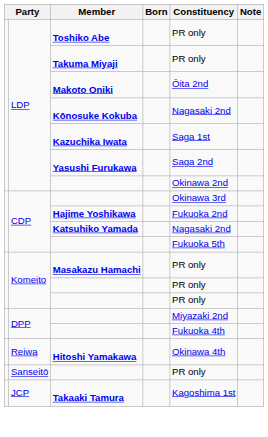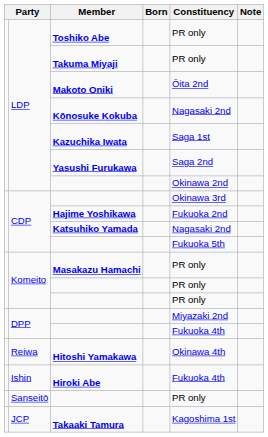 <table class="wikitable">
 <tr style="vertical-align:bottom">
 <th colspan=2>Party</th>
 <th>Member</th>
 <th>Born</th>
 <th>Constituency</th>
 <th>Note</th>
 </tr>
 <tr>
 <td rowspan=7 style="background-color:"></td>
 <td rowspan=7><a href='#'>LDP</a></td>
 <td><br><strong><a href='#'>Toshiko Abe</a></strong></td>
 <td></td>
 <td>PR only</td>
 <td></td>
 </tr>
 <tr>
 <td><br><strong><a href='#'>Takuma Miyaji</a></strong></td>
 <td></td>
 <td>PR only</td>
 <td></td>
 </tr>
 <tr>
 <td><br><strong><a href='#'>Makoto Oniki</a></strong></td>
 <td></td>
 <td><a href='#'>Ōita 2nd</a></td>
 <td></td>
 </tr>
 <tr>
 <td><br><strong><a href='#'>Kōnosuke Kokuba</a></strong></td>
 <td></td>
 <td><a href='#'>Nagasaki 2nd</a></td>
 <td></td>
 </tr>
 <tr>
 <td><br><strong><a href='#'>Kazuchika Iwata</a></strong></td>
 <td></td>
 <td><a href='#'>Saga 1st</a></td>
 <td></td>
 </tr>
 <tr>
 <td><br><strong><a href='#'>Yasushi Furukawa</a></strong></td>
 <td></td>
 <td><a href='#'>Saga 2nd</a></td>
 <td></td>
 </tr>
 <tr>
 <td><br><strong></strong></td>
 <td></td>
 <td><a href='#'>Okinawa 2nd</a></td>
 <td></td>
 </tr>
 <tr>
 <td rowspan=4 style="background-color:"></td>
 <td rowspan=4><a href='#'>CDP</a></td>
 <td><strong></strong></td>
 <td></td>
 <td><a href='#'>Okinawa 3rd</a></td>
 <td></td>
 </tr>
 <tr>
 <td><strong><a href='#'>Hajime Yoshikawa</a></strong></td>
 <td></td>
 <td><a href='#'>Fukuoka 2nd</a></td>
 <td></td>
 </tr>
 <tr>
 <td><strong><a href='#'>Katsuhiko Yamada</a></strong></td>
 <td></td>
 <td><a href='#'>Nagasaki 2nd</a></td>
 <td></td>
 </tr>
 <tr>
 <td><strong></strong></td>
 <td></td>
 <td><a href='#'>Fukuoka 5th</a></td>
 <td></td>
 </tr>
 <tr>
 <td rowspan=3 style="background-color:"></td>
 <td rowspan=3><a href='#'>Komeito</a></td>
 <td><br><strong><a href='#'>Masakazu Hamachi</a></strong></td>
 <td></td>
 <td>PR only</td>
 <td></td>
 </tr>
 <tr>
 <td><br><strong></strong></td>
 <td></td>
 <td>PR only</td>
 <td></td>
 </tr>
 <tr>
 <td><br><strong></strong></td>
 <td></td>
 <td>PR only</td>
 <td></td>
 </tr>
 <tr>
 <td rowspan=2 style="background-color:"></td>
 <td rowspan=2><a href='#'>DPP</a></td>
 <td><strong></strong></td>
 <td></td>
 <td><a href='#'>Miyazaki 2nd</a></td>
 <td></td>
 </tr>
 <tr>
 <td><strong></strong></td>
 <td></td>
 <td><a href='#'>Fukuoka 4th</a></td>
 <td></td>
 </tr>
 <tr>
 <td style="background-color:"></td>
 <td><a href='#'>Reiwa</a></td>
 <td><br><strong><a href='#'>Hitoshi Yamakawa</a></strong></td>
 <td></td>
 <td><a href='#'>Okinawa 4th</a></td>
 <td></td>
 </tr>
 <tr>
 <td style="background-color:"></td>
+<td><a href='#'>Ishin</a></td>
+<td><br><strong><a href='#'>Hiroki Abe</a></strong></td>
+<td></td>
+<td><a href='#'>Fukuoka 4th</a></td>
+<td></td>
+</tr>
+<tr>
+<td style="background-color:"></td>
 <td><a href='#'>Sanseitō</a></td>
 <td><strong></strong></td>
 <td></td>
 <td>PR only</td>
 <td></td>
 </tr>
 <tr>
 <td style="background-color:"></td>
 <td><a href='#'>JCP</a></td>
 <td><br><strong><a href='#'>Takaaki Tamura</a></strong></td>
 <td></td>
 <td><a href='#'>Kagoshima 1st</a></td>
 <td></td>
 </tr>
 </table>
